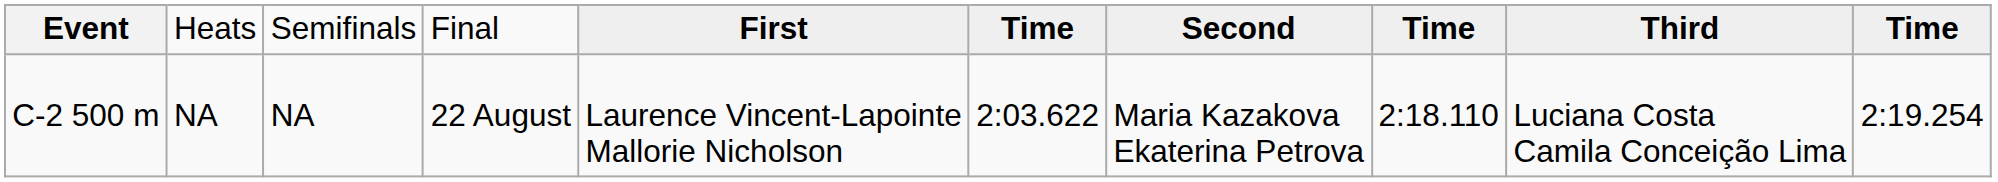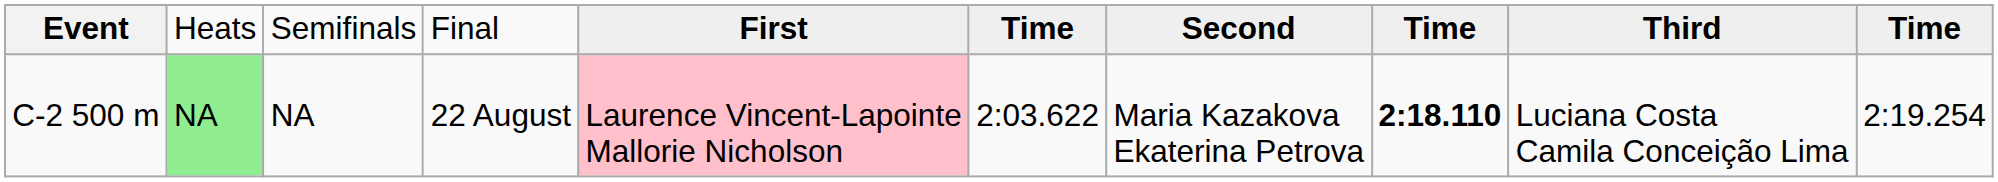 <table class="wikitable">
 <tr>
 <th>Event</th>
 <td>Heats</td>
 <td>Semifinals</td>
 <td>Final</td>
 <td align=center bgcolor="EFEFEF"><strong>First</strong></td>
 <td align=center bgcolor="EFEFEF"><strong>Time</strong></td>
 <td align=center bgcolor="EFEFEF"><strong>Second</strong></td>
 <td align=center bgcolor="EFEFEF"><strong>Time</strong></td>
 <td align=center bgcolor="EFEFEF"><strong>Third</strong></td>
 <td align=center bgcolor="EFEFEF"><strong>Time</strong></td>
 </tr>
 <tr>
 <td>C-2 500 m</td>
-<td>NA</td>
+<td style="background: lightgreen;">NA</td>
 <td>NA</td>
 <td>22 August</td>
-<td><br>Laurence Vincent-Lapointe<br>Mallorie Nicholson</td>
+<td style="background: pink;"><br>Laurence Vincent-Lapointe<br>Mallorie Nicholson</td>
 <td>2:03.622</td>
 <td><br>Maria Kazakova<br>Ekaterina Petrova</td>
-<td>2:18.110</td>
+<td><strong>2:18.110</strong></td>
 <td><br>Luciana Costa<br>Camila Conceição Lima</td>
 <td>2:19.254</td>
 </tr>
 </table>
